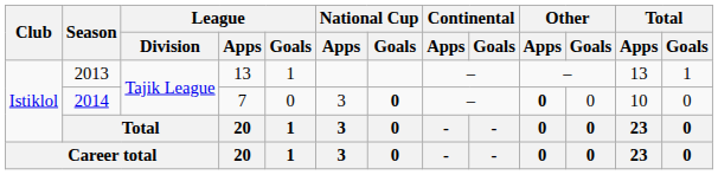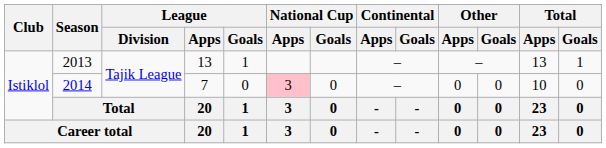 <table class="wikitable" style="text-align: center;">
 <tr>
 <th rowspan="2">Club</th>
 <th rowspan="2">Season</th>
 <th colspan="3">League</th>
 <th colspan="2">National Cup</th>
 <th colspan="2">Continental</th>
 <th colspan="2">Other</th>
 <th colspan="2">Total</th>
 </tr>
 <tr>
 <th>Division</th>
 <th>Apps</th>
 <th>Goals</th>
 <th>Apps</th>
 <th>Goals</th>
 <th>Apps</th>
 <th>Goals</th>
 <th>Apps</th>
 <th>Goals</th>
 <th>Apps</th>
 <th>Goals</th>
 </tr>
 <tr>
 <td rowspan="3" valign="center"><a href='#'>Istiklol</a></td>
 <td>2013</td>
 <td rowspan="2" valign="center"><a href='#'>Tajik League</a></td>
 <td>13</td>
 <td>1</td>
 <td></td>
 <td></td>
 <td colspan="2">–</td>
 <td colspan="2">–</td>
 <td>13</td>
 <td>1</td>
 </tr>
 <tr>
 <td><a href='#'>2014</a></td>
 <td>7</td>
 <td>0</td>
-<td>3</td>
-<td><strong>0</strong></td>
+<td style="background: pink;">3</td>
+<td>0</td>
 <td colspan="2">–</td>
-<td><strong>0</strong></td>
+<td>0</td>
 <td>0</td>
 <td>10</td>
 <td>0</td>
 </tr>
 <tr>
 <th colspan="2">Total</th>
 <th>20</th>
 <th>1</th>
 <th>3</th>
 <th>0</th>
 <th>-</th>
 <th>-</th>
 <th>0</th>
 <th>0</th>
 <th>23</th>
 <th>0</th>
 </tr>
 <tr>
 <th colspan="3">Career total</th>
 <th>20</th>
 <th>1</th>
 <th>3</th>
 <th>0</th>
 <th>-</th>
 <th>-</th>
 <th>0</th>
 <th>0</th>
 <th>23</th>
 <th>0</th>
 </tr>
 </table>
